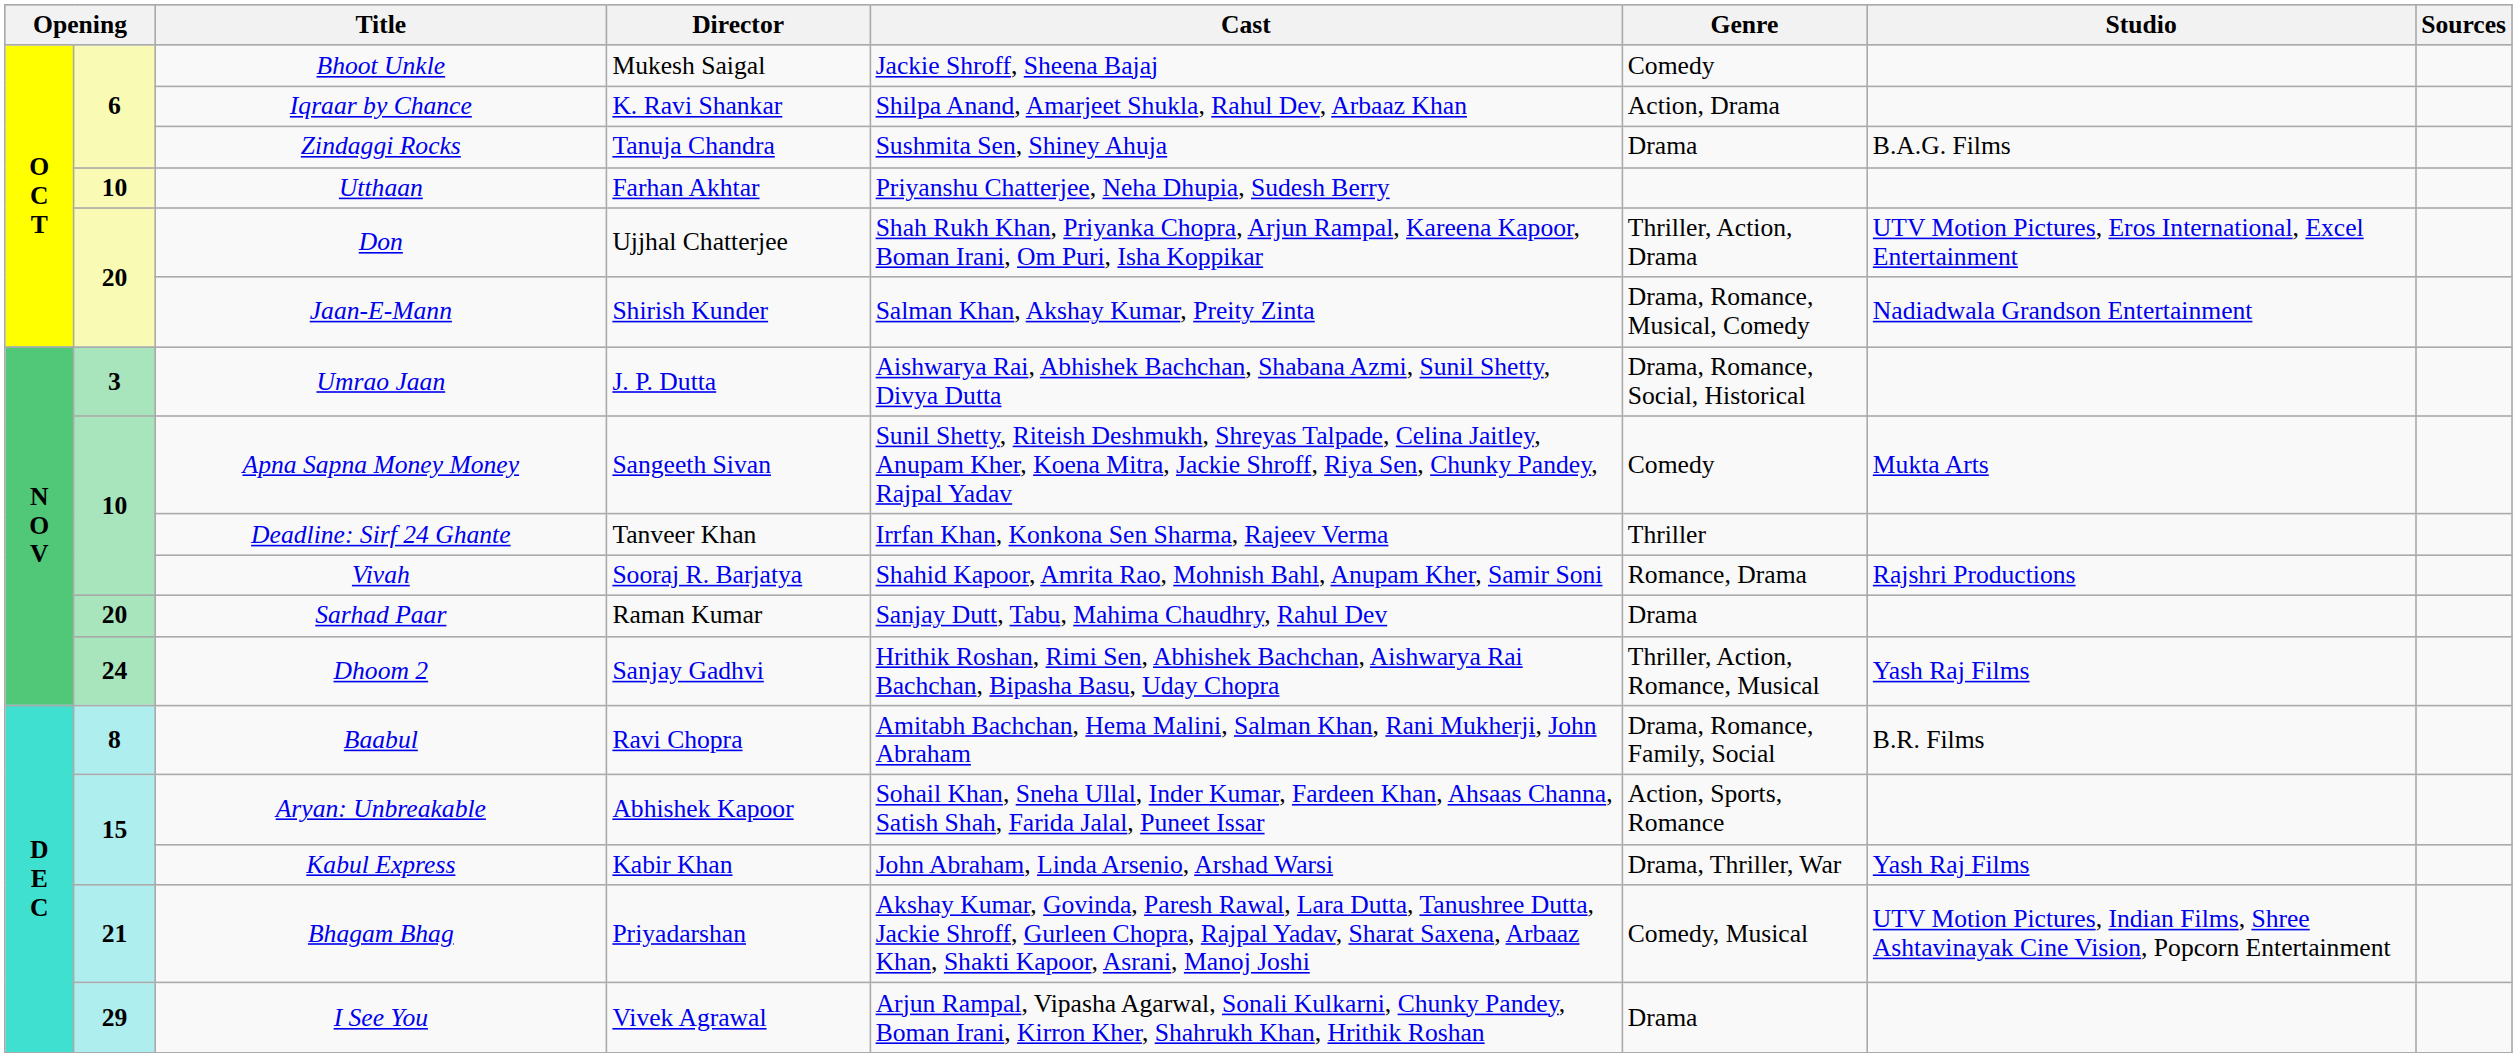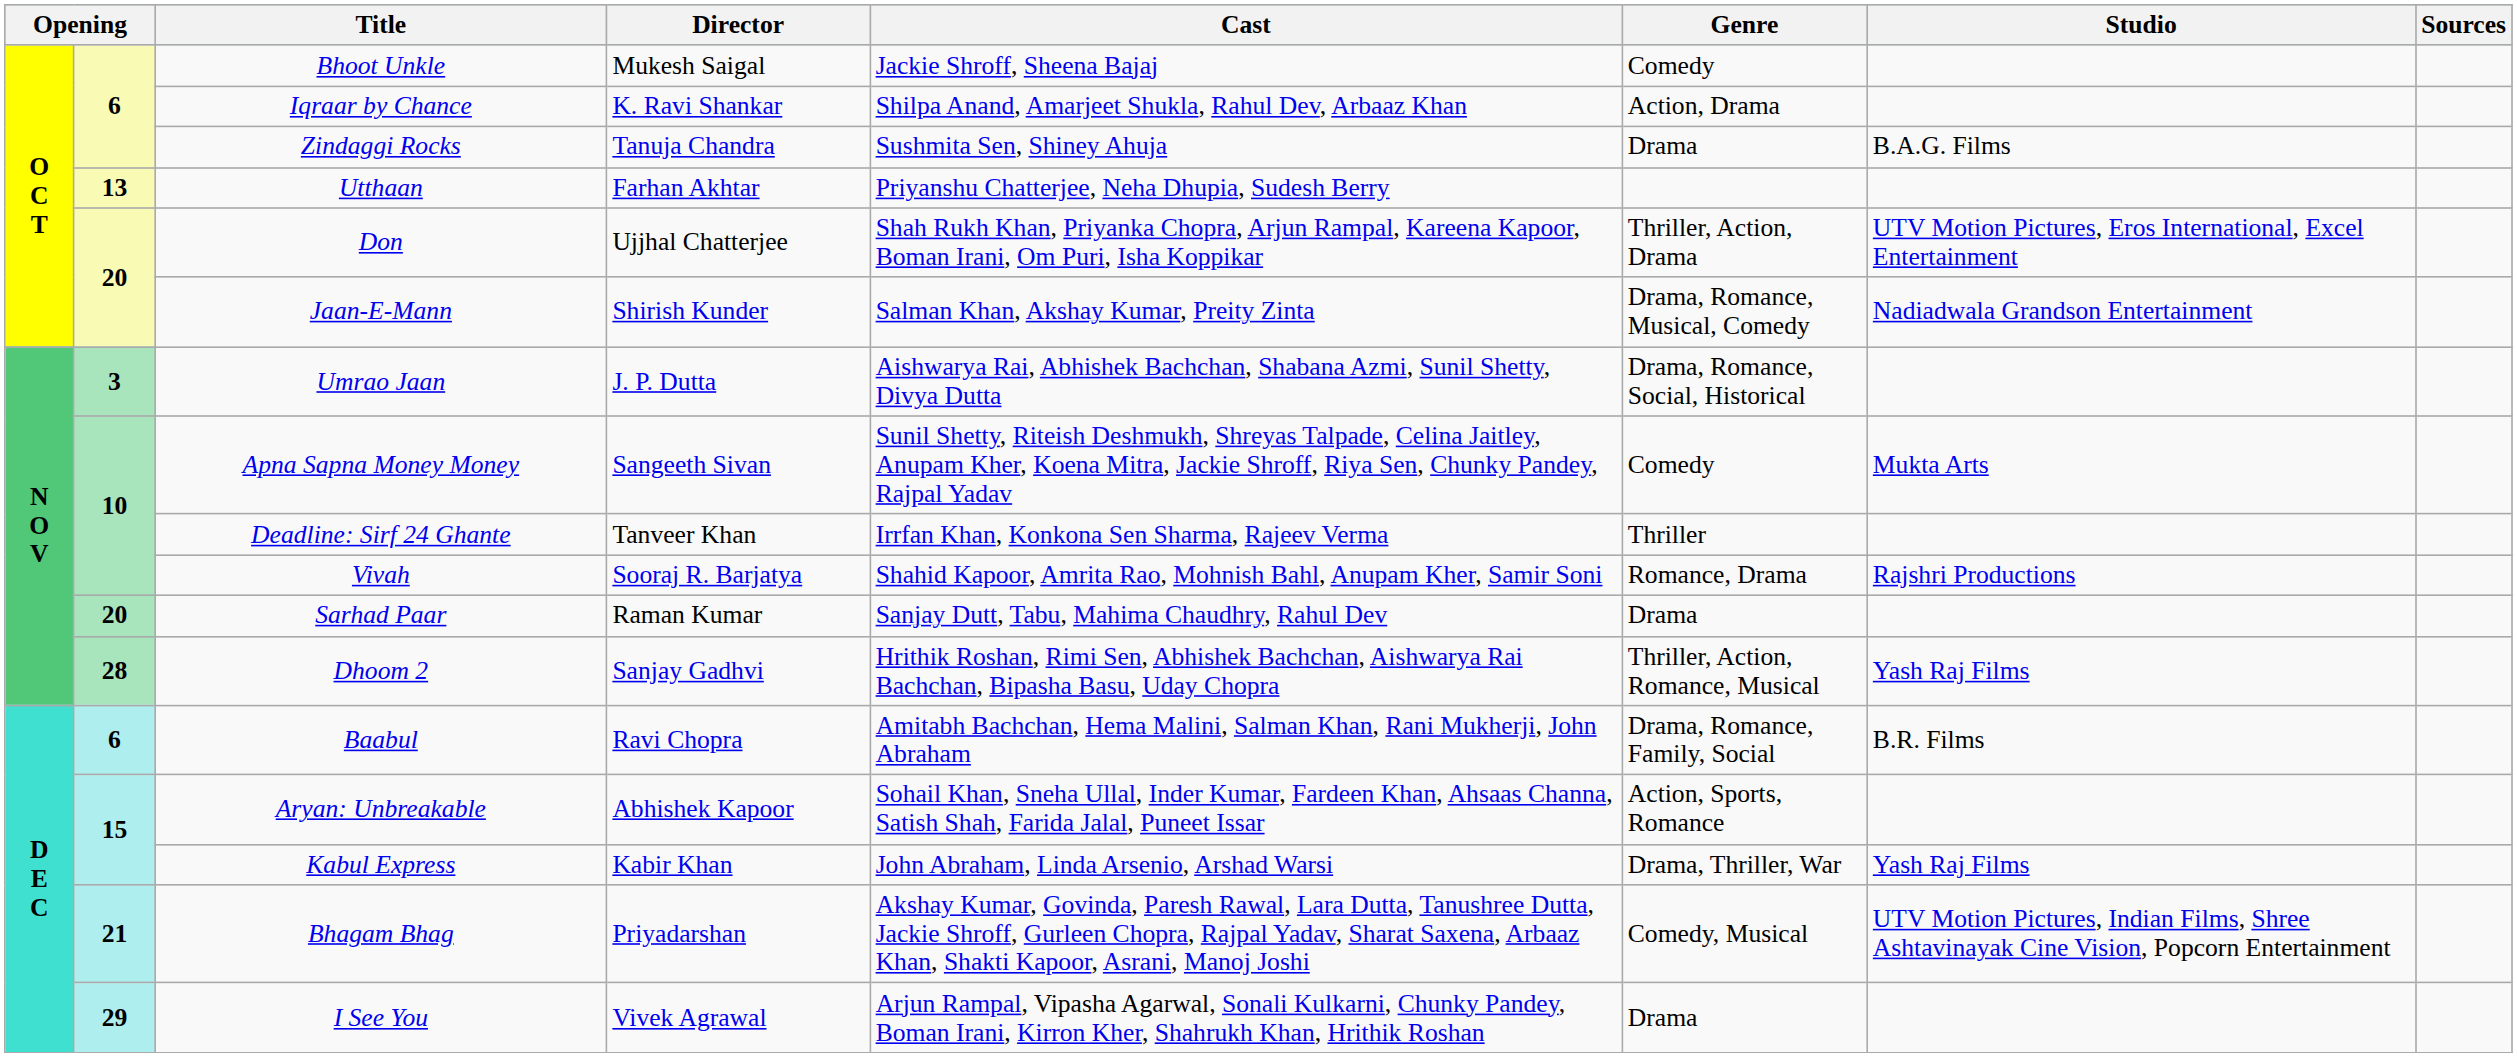 <table class="wikitable">
 <tr style="background:#b0e0e6;text-align:center;">
 <th colspan="2" style="width:6%;"><strong>Opening</strong></th>
 <th style="width:18%;"><strong>Title</strong></th>
 <th style="width:10.5%;"><strong>Director</strong></th>
 <th style="width:30%;"><strong>Cast</strong></th>
 <th>Genre</th>
 <th>Studio</th>
 <th>Sources</th>
 </tr>
 <tr>
 <td rowspan="6" style="text-align:center; background:yellow; textcolor:#000;" !><strong>O<br>C<br>T</strong></td>
 <td rowspan="3" style="text-align:center; background:#f9fab3;"><strong>6</strong></td>
 <td style="text-align:center;"><em><a href='#'>Bhoot Unkle</a></em></td>
 <td>Mukesh Saigal</td>
 <td><a href='#'>Jackie Shroff</a>, <a href='#'>Sheena Bajaj</a></td>
 <td>Comedy</td>
 <td></td>
 <td></td>
 </tr>
 <tr>
 <td style="text-align:center;"><em><a href='#'>Iqraar by Chance</a></em></td>
 <td><a href='#'>K. Ravi Shankar</a></td>
 <td><a href='#'>Shilpa Anand</a>, <a href='#'>Amarjeet Shukla</a>, <a href='#'>Rahul Dev</a>, <a href='#'>Arbaaz Khan</a></td>
 <td>Action, Drama</td>
 <td></td>
 <td></td>
 </tr>
 <tr>
 <td style="text-align:center;"><em><a href='#'>Zindaggi Rocks</a></em></td>
 <td><a href='#'>Tanuja Chandra</a></td>
 <td><a href='#'>Sushmita Sen</a>, <a href='#'>Shiney Ahuja</a></td>
 <td>Drama</td>
 <td>B.A.G. Films</td>
 <td></td>
 </tr>
 <tr>
-<td style="text-align:center; background:#f9fab3;"><strong>10</strong></td>
+<td style="text-align:center; background:#f9fab3;"><strong>13</strong></td>
 <td style="text-align:center;"><em><a href='#'>Utthaan</a></em></td>
 <td><a href='#'>Farhan Akhtar</a></td>
 <td><a href='#'>Priyanshu Chatterjee</a>, <a href='#'>Neha Dhupia</a>, <a href='#'>Sudesh Berry</a></td>
 <td></td>
 <td></td>
 <td></td>
 </tr>
 <tr>
 <td rowspan="2" style="text-align:center; background:#f9fab3;"><strong>20</strong></td>
 <td style="text-align:center;"><em><a href='#'>Don</a></em></td>
 <td>Ujjhal Chatterjee</td>
 <td><a href='#'>Shah Rukh Khan</a>, <a href='#'>Priyanka Chopra</a>, <a href='#'>Arjun Rampal</a>, <a href='#'>Kareena Kapoor</a>, <a href='#'>Boman Irani</a>, <a href='#'>Om Puri</a>, <a href='#'>Isha Koppikar</a></td>
 <td>Thriller, Action, Drama</td>
 <td><a href='#'>UTV Motion Pictures</a>, <a href='#'>Eros International</a>, <a href='#'>Excel Entertainment</a></td>
 <td></td>
 </tr>
 <tr>
 <td style="text-align:center;"><em><a href='#'>Jaan-E-Mann</a></em></td>
 <td><a href='#'>Shirish Kunder</a></td>
 <td><a href='#'>Salman Khan</a>, <a href='#'>Akshay Kumar</a>, <a href='#'>Preity Zinta</a></td>
 <td>Drama, Romance, Musical, Comedy</td>
 <td><a href='#'>Nadiadwala Grandson Entertainment</a></td>
 <td></td>
 </tr>
 <tr>
 <td rowspan="6" style="text-align:center; background:#50c878; textcolor:#000;" !><strong>N<br>O<br>V</strong></td>
 <td style="text-align:center; background:#a8e4bc;"><strong>3</strong></td>
 <td style="text-align:center;"><em><a href='#'>Umrao Jaan</a></em></td>
 <td><a href='#'>J. P. Dutta</a></td>
 <td><a href='#'>Aishwarya Rai</a>, <a href='#'>Abhishek Bachchan</a>, <a href='#'>Shabana Azmi</a>, <a href='#'>Sunil Shetty</a>, <a href='#'>Divya Dutta</a></td>
 <td>Drama, Romance, Social, Historical</td>
 <td></td>
 <td></td>
 </tr>
 <tr>
 <td rowspan="3" style="text-align:center; background:#a8e4bc;"><strong>10</strong></td>
 <td style="text-align:center;"><em><a href='#'>Apna Sapna Money Money</a></em></td>
 <td><a href='#'>Sangeeth Sivan</a></td>
 <td><a href='#'>Sunil Shetty</a>, <a href='#'>Riteish Deshmukh</a>, <a href='#'>Shreyas Talpade</a>, <a href='#'>Celina Jaitley</a>, <a href='#'>Anupam Kher</a>, <a href='#'>Koena Mitra</a>, <a href='#'>Jackie Shroff</a>, <a href='#'>Riya Sen</a>, <a href='#'>Chunky Pandey</a>, <a href='#'>Rajpal Yadav</a></td>
 <td>Comedy</td>
 <td><a href='#'>Mukta Arts</a></td>
 <td></td>
 </tr>
 <tr>
 <td style="text-align:center;"><em><a href='#'>Deadline: Sirf 24 Ghante</a></em></td>
 <td>Tanveer Khan</td>
 <td><a href='#'>Irrfan Khan</a>, <a href='#'>Konkona Sen Sharma</a>, <a href='#'>Rajeev Verma</a></td>
 <td>Thriller</td>
 <td></td>
 <td></td>
 </tr>
 <tr>
 <td style="text-align:center;"><em><a href='#'>Vivah</a></em></td>
 <td><a href='#'>Sooraj R. Barjatya</a></td>
 <td><a href='#'>Shahid Kapoor</a>, <a href='#'>Amrita Rao</a>, <a href='#'>Mohnish Bahl</a>, <a href='#'>Anupam Kher</a>, <a href='#'>Samir Soni</a></td>
 <td>Romance, Drama</td>
 <td><a href='#'>Rajshri Productions</a></td>
 <td></td>
 </tr>
 <tr>
 <td style="text-align:center; background:#a8e4bc;"><strong>20</strong></td>
 <td style="text-align:center;"><em><a href='#'>Sarhad Paar</a></em></td>
 <td>Raman Kumar</td>
 <td><a href='#'>Sanjay Dutt</a>, <a href='#'>Tabu</a>, <a href='#'>Mahima Chaudhry</a>, <a href='#'>Rahul Dev</a></td>
 <td>Drama</td>
 <td></td>
 <td></td>
 </tr>
 <tr>
-<td style="text-align:center; background:#a8e4bc;"><strong>24</strong></td>
+<td style="text-align:center; background:#a8e4bc;"><strong>28</strong></td>
 <td style="text-align:center;"><em><a href='#'>Dhoom 2</a></em></td>
 <td><a href='#'>Sanjay Gadhvi</a></td>
 <td><a href='#'>Hrithik Roshan</a>, <a href='#'>Rimi Sen</a>, <a href='#'>Abhishek Bachchan</a>, <a href='#'>Aishwarya Rai Bachchan</a>, <a href='#'>Bipasha Basu</a>, <a href='#'>Uday Chopra</a></td>
 <td>Thriller, Action, Romance, Musical</td>
 <td><a href='#'>Yash Raj Films</a></td>
 <td></td>
 </tr>
 <tr>
 <td rowspan="5" style="text-align:center; background:#40e0d0; textcolor:#000;"><strong>D<br>E<br>C</strong></td>
-<td style="text-align:center;background:#afeeee;"><strong>8</strong></td>
+<td style="text-align:center;background:#afeeee;"><strong>6</strong></td>
 <td style="text-align:center;"><em><a href='#'>Baabul</a></em></td>
 <td><a href='#'>Ravi Chopra</a></td>
 <td><a href='#'>Amitabh Bachchan</a>, <a href='#'>Hema Malini</a>, <a href='#'>Salman Khan</a>, <a href='#'>Rani Mukherji</a>, <a href='#'>John Abraham</a></td>
 <td>Drama, Romance, Family, Social</td>
 <td>B.R. Films</td>
 <td></td>
 </tr>
 <tr>
 <td rowspan="2" style="text-align:center; background:#afeeee;"><strong>15</strong></td>
 <td style="text-align:center;"><em><a href='#'>Aryan: Unbreakable</a></em></td>
 <td><a href='#'>Abhishek Kapoor</a></td>
 <td><a href='#'>Sohail Khan</a>, <a href='#'>Sneha Ullal</a>, <a href='#'>Inder Kumar</a>, <a href='#'>Fardeen Khan</a>, <a href='#'>Ahsaas Channa</a>, <a href='#'>Satish Shah</a>, <a href='#'>Farida Jalal</a>, <a href='#'>Puneet Issar</a></td>
 <td>Action, Sports, Romance</td>
 <td></td>
 <td></td>
 </tr>
 <tr>
 <td style="text-align:center;"><em><a href='#'>Kabul Express</a></em></td>
 <td><a href='#'>Kabir Khan</a></td>
 <td><a href='#'>John Abraham</a>, <a href='#'>Linda Arsenio</a>, <a href='#'>Arshad Warsi</a></td>
 <td>Drama, Thriller, War</td>
 <td><a href='#'>Yash Raj Films</a></td>
 <td></td>
 </tr>
 <tr>
 <td style="text-align:center; background:#afeeee;"><strong>21</strong></td>
 <td style="text-align:center;"><em><a href='#'>Bhagam Bhag</a></em></td>
 <td><a href='#'>Priyadarshan</a></td>
 <td><a href='#'>Akshay Kumar</a>, <a href='#'>Govinda</a>, <a href='#'>Paresh Rawal</a>, <a href='#'>Lara Dutta</a>, <a href='#'>Tanushree Dutta</a>, <a href='#'>Jackie Shroff</a>, <a href='#'>Gurleen Chopra</a>, <a href='#'>Rajpal Yadav</a>, <a href='#'>Sharat Saxena</a>, <a href='#'>Arbaaz Khan</a>, <a href='#'>Shakti Kapoor</a>, <a href='#'>Asrani</a>, <a href='#'>Manoj Joshi</a></td>
 <td>Comedy, Musical</td>
 <td><a href='#'>UTV Motion Pictures</a>, <a href='#'>Indian Films</a>, <a href='#'>Shree Ashtavinayak Cine Vision</a>, Popcorn Entertainment</td>
 <td></td>
 </tr>
 <tr>
 <td style="text-align:center; background:#afeeee;"><strong>29</strong></td>
 <td style="text-align:center;"><em><a href='#'>I See You</a></em></td>
 <td><a href='#'>Vivek Agrawal</a></td>
 <td><a href='#'>Arjun Rampal</a>, Vipasha Agarwal, <a href='#'>Sonali Kulkarni</a>, <a href='#'>Chunky Pandey</a>, <a href='#'>Boman Irani</a>, <a href='#'>Kirron Kher</a>, <a href='#'>Shahrukh Khan</a>, <a href='#'>Hrithik Roshan</a></td>
 <td>Drama</td>
 <td></td>
 <td></td>
 </tr>
 </table>
